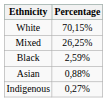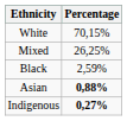 <table class="wikitable" style="text-align:center">
 <tr style="background:#096;" colspan="2">
 <th><span>Ethnicity</span></th>
 <th><span>Percentage</span></th>
 </tr>
 <tr>
 <td>White</td>
 <td>70,15%</td>
 </tr>
 <tr>
 <td>Mixed</td>
 <td>26,25%</td>
 </tr>
 <tr>
 <td>Black</td>
 <td>2,59%</td>
 </tr>
 <tr>
 <td>Asian</td>
-<td>0,88%</td>
+<td><strong>0,88%</strong></td>
 </tr>
 <tr>
 <td>Indigenous</td>
-<td>0,27%</td>
+<td><strong>0,27%</strong></td>
 </tr>
 </table>
